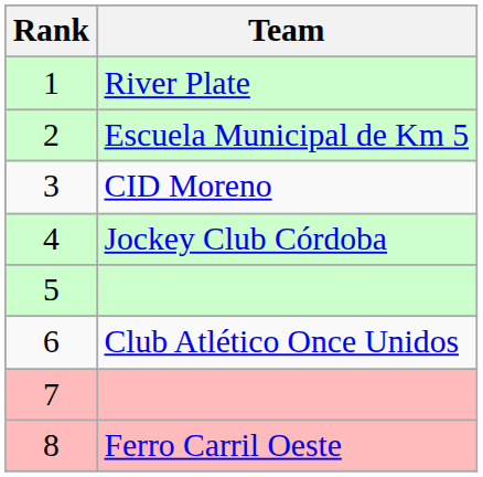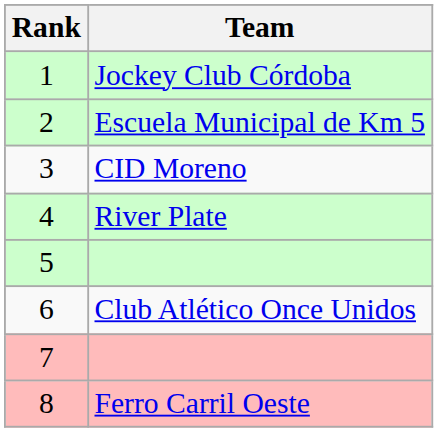 <table class="wikitable">
 <tr>
 <th>Rank</th>
 <th>Team</th>
 </tr>
 <tr bgcolor=ccffcc>
 <td align=center>1</td>
-<td><a href='#'>River Plate</a></td>
+<td><a href='#'>Jockey Club Córdoba</a></td>
 </tr>
 <tr bgcolor=ccffcc>
 <td align=center>2</td>
 <td><a href='#'>Escuela Municipal de Km 5</a></td>
 </tr>
 <tr>
 <td align=center>3</td>
 <td><a href='#'>CID Moreno</a></td>
 </tr>
 <tr bgcolor=ccffcc>
 <td align=center>4</td>
-<td><a href='#'>Jockey Club Córdoba</a></td>
+<td><a href='#'>River Plate</a></td>
 </tr>
 <tr bgcolor=ccffcc>
 <td align=center>5</td>
 <td></td>
 </tr>
 <tr>
 <td align=center>6</td>
 <td><a href='#'>Club Atlético Once Unidos</a></td>
 </tr>
 <tr bgcolor=FFBBBB>
 <td align=center>7</td>
 <td></td>
 </tr>
 <tr bgcolor=FFBBBB>
 <td align=center>8</td>
 <td><a href='#'>Ferro Carril Oeste</a></td>
 </tr>
 </table>
